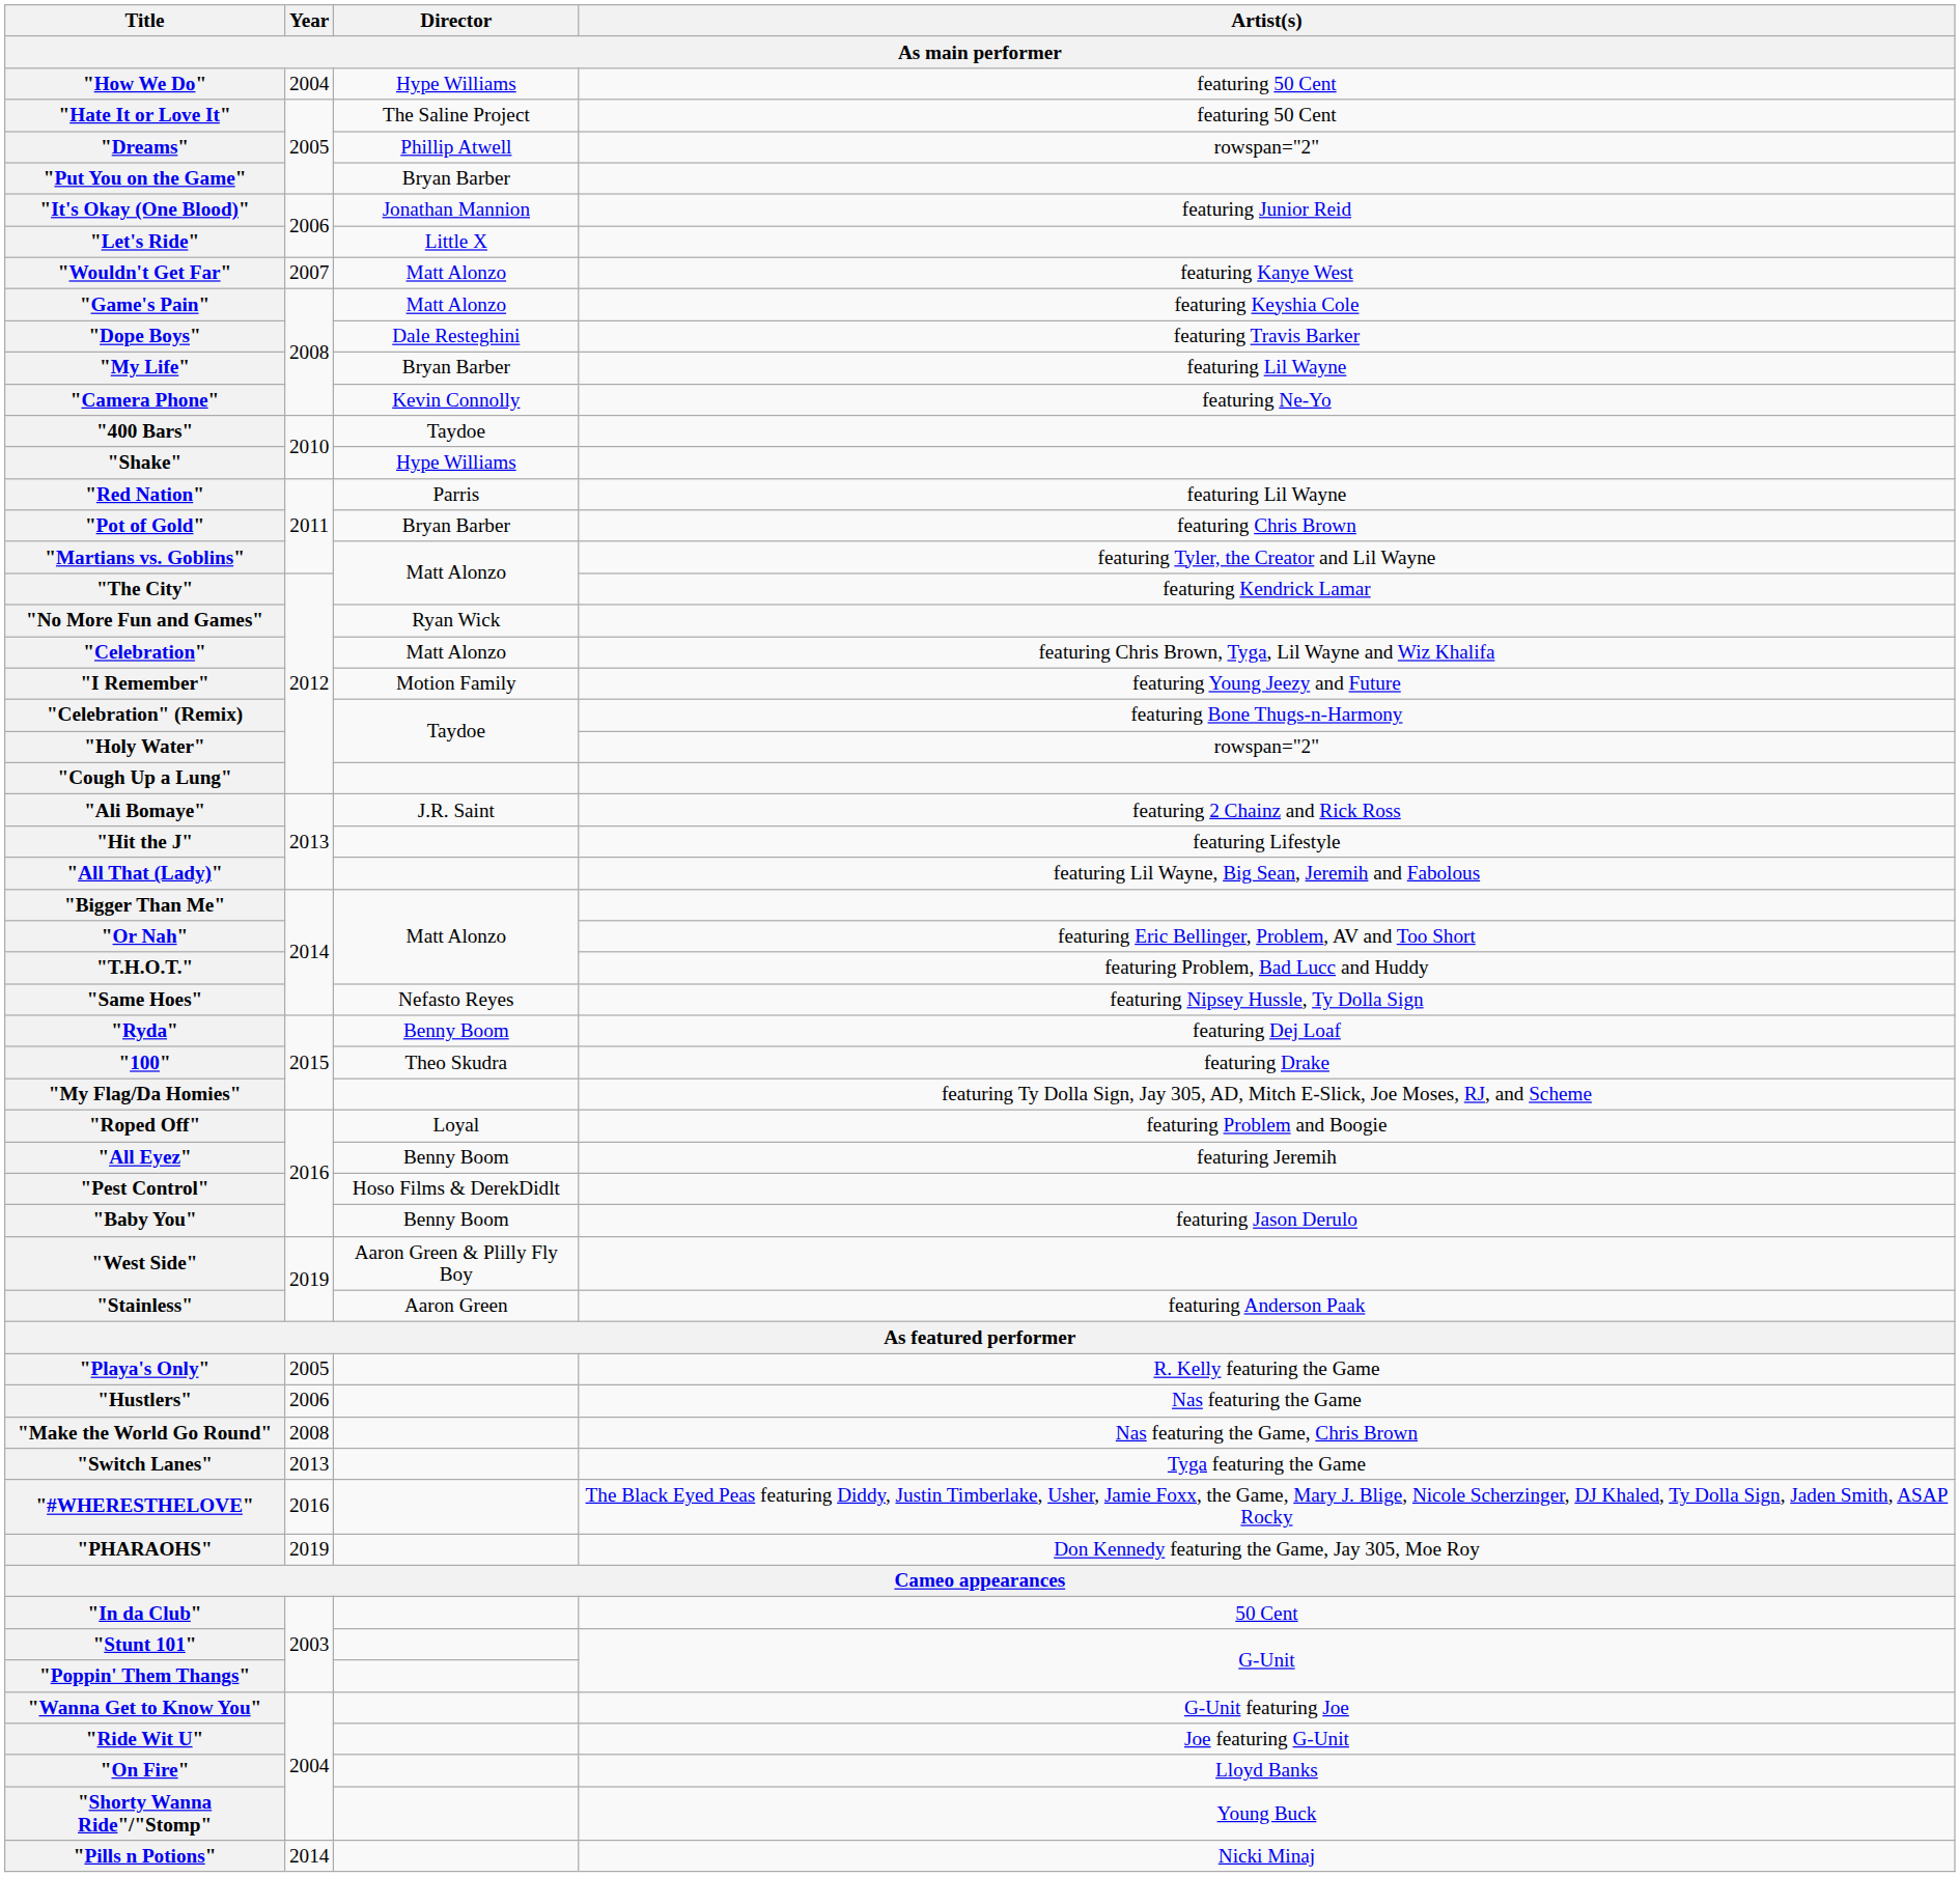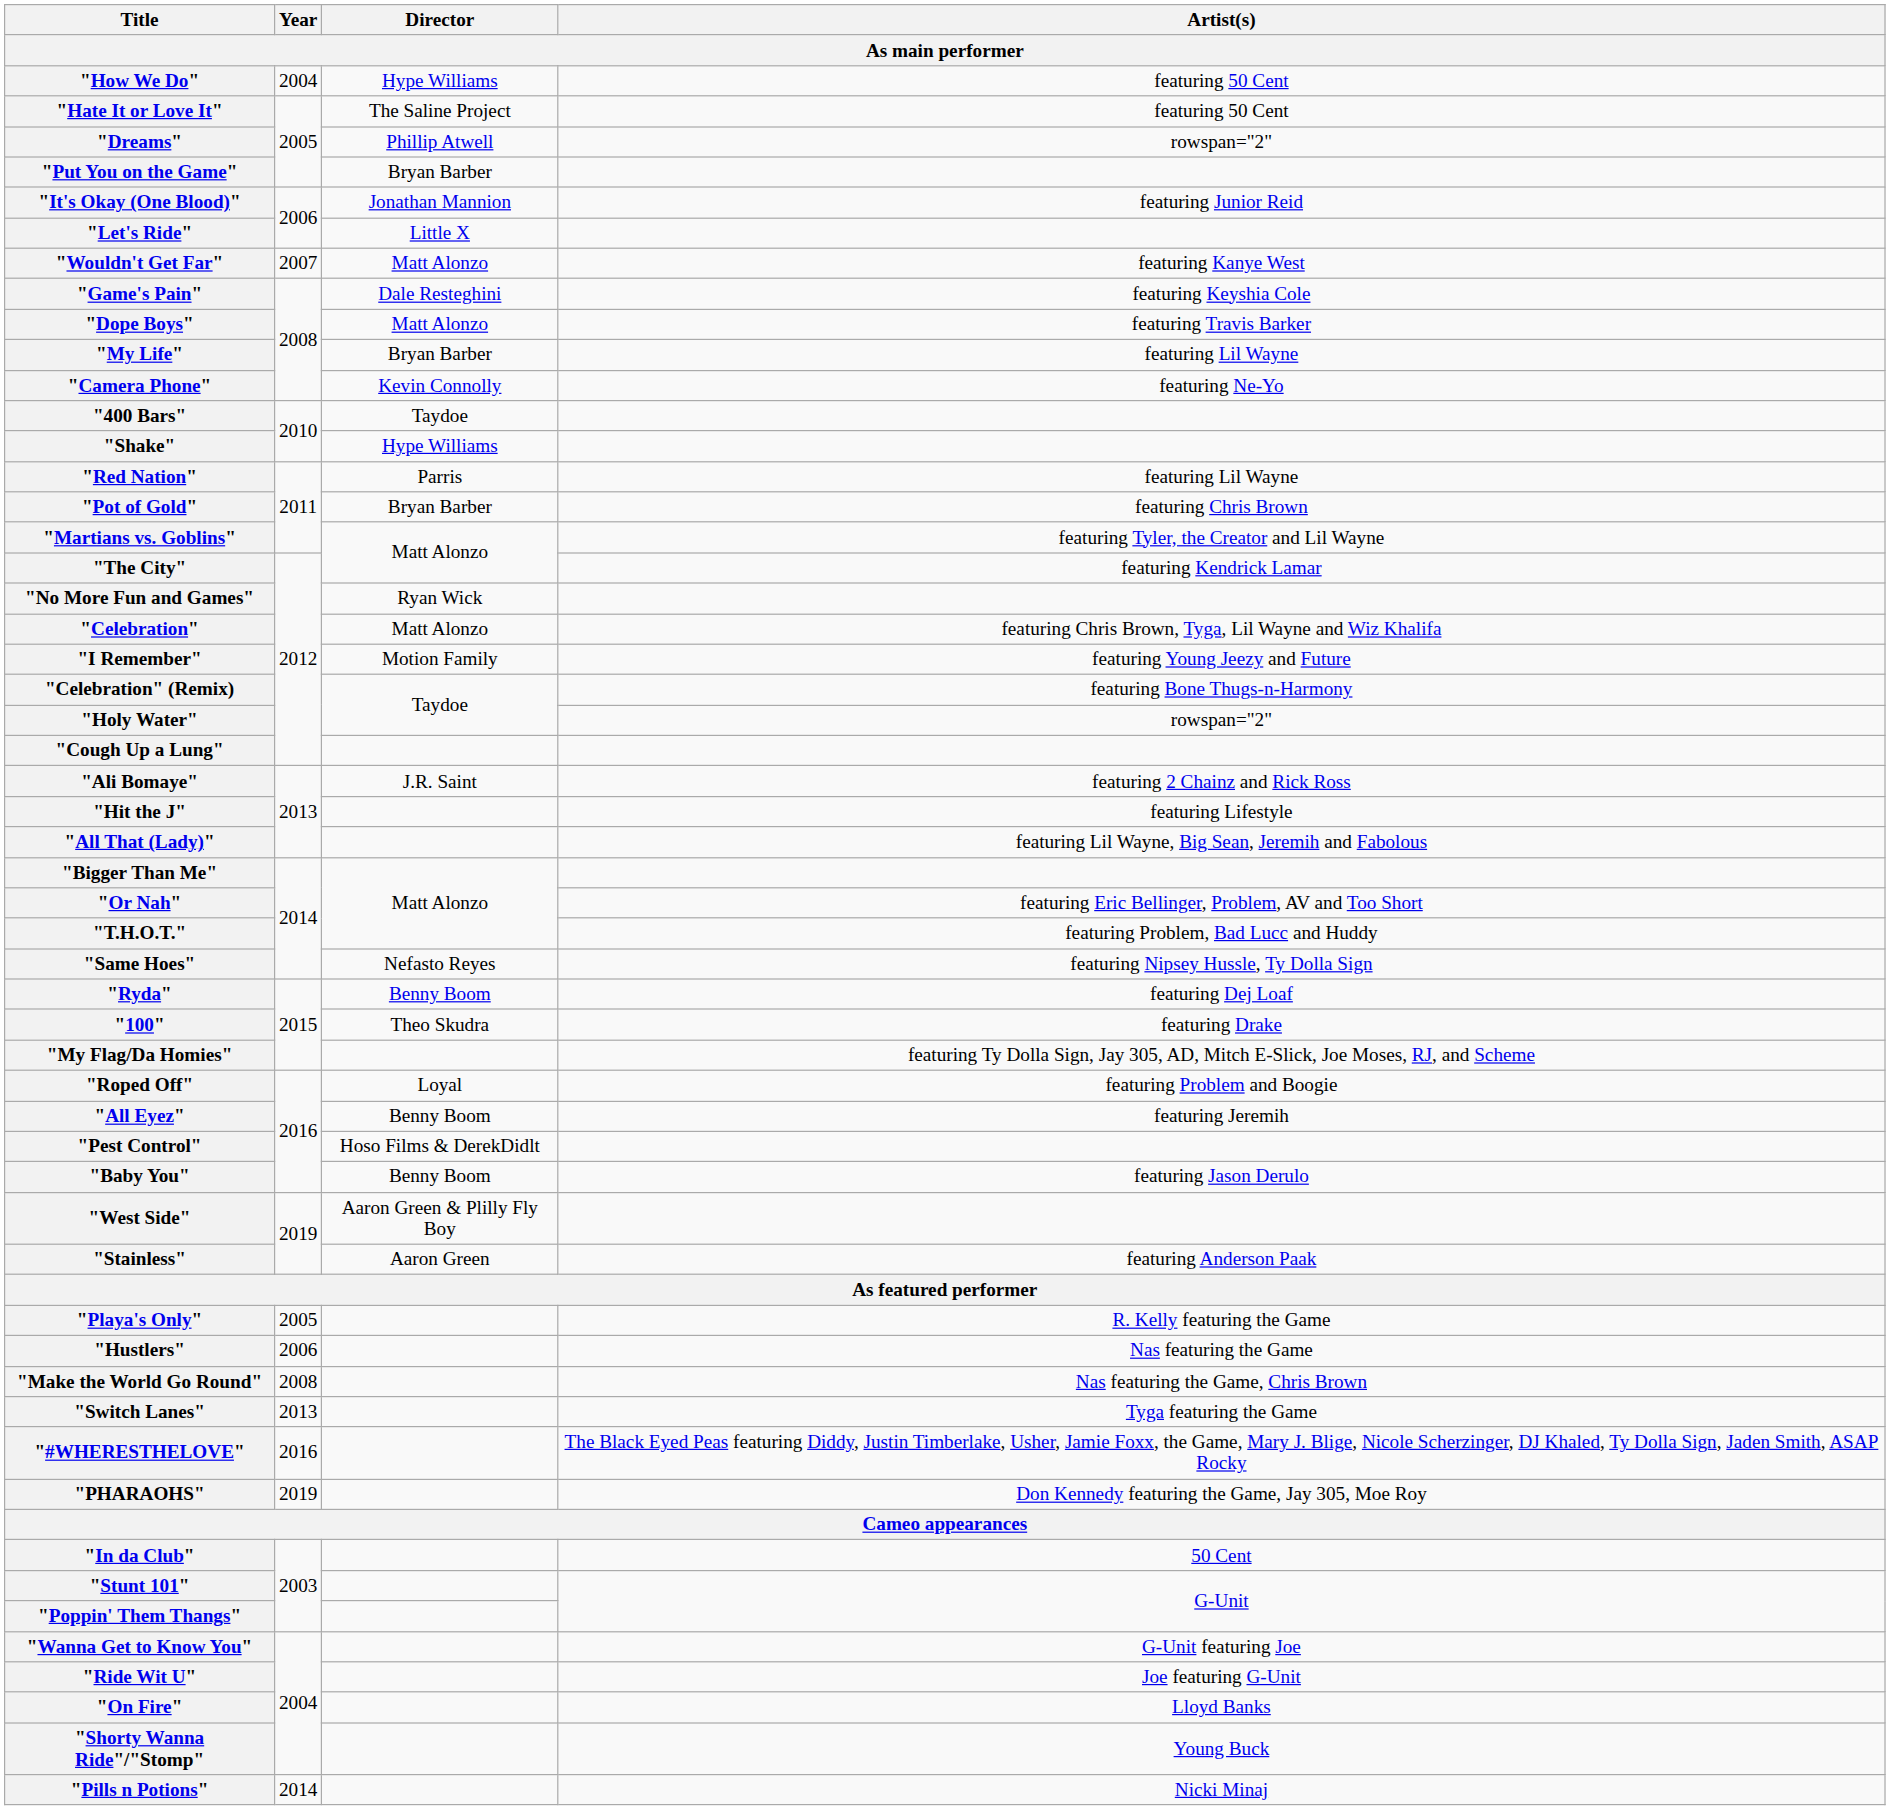 <table class="wikitable plainrowheaders" style="text-align:center;">
 <tr>
 <th>Title</th>
 <th>Year</th>
 <th>Director</th>
 <th>Artist(s)</th>
 </tr>
 <tr style="text-align:center;">
 <th colspan="4">As main performer</th>
 </tr>
 <tr>
 <th scope="row">"<a href='#'>How We Do</a>"</th>
 <td style="text-align:center;">2004</td>
 <td><a href='#'>Hype Williams</a></td>
 <td>featuring <a href='#'>50 Cent</a></td>
 </tr>
 <tr>
 <th scope="row">"<a href='#'>Hate It or Love It</a>"</th>
 <td rowspan="3" style="text-align:center;">2005</td>
 <td>The Saline Project</td>
 <td>featuring 50 Cent</td>
 </tr>
 <tr>
 <th scope="row">"<a href='#'>Dreams</a>"</th>
 <td><a href='#'>Phillip Atwell</a></td>
 <td>rowspan="2" </td>
 </tr>
 <tr>
 <th scope="row">"<a href='#'>Put You on the Game</a>"</th>
 <td>Bryan Barber</td>
 </tr>
 <tr>
 <th scope="row">"<a href='#'>It's Okay (One Blood)</a>"</th>
 <td rowspan="2" style="text-align:center;">2006</td>
 <td><a href='#'>Jonathan Mannion</a></td>
 <td>featuring <a href='#'>Junior Reid</a></td>
 </tr>
 <tr>
 <th scope="row">"<a href='#'>Let's Ride</a>"</th>
 <td><a href='#'>Little X</a></td>
 <td></td>
 </tr>
 <tr>
 <th scope="row">"<a href='#'>Wouldn't Get Far</a>"</th>
 <td style="text-align:center;">2007</td>
 <td><a href='#'>Matt Alonzo</a></td>
 <td>featuring <a href='#'>Kanye West</a></td>
 </tr>
 <tr>
 <th scope="row">"<a href='#'>Game's Pain</a>"</th>
 <td rowspan="4" style="text-align:center;">2008</td>
-<td><a href='#'>Matt Alonzo</a></td>
+<td><a href='#'>Dale Resteghini</a></td>
 <td>featuring <a href='#'>Keyshia Cole</a></td>
 </tr>
 <tr>
 <th scope="row">"<a href='#'>Dope Boys</a>"</th>
-<td><a href='#'>Dale Resteghini</a></td>
+<td><a href='#'>Matt Alonzo</a></td>
 <td>featuring <a href='#'>Travis Barker</a></td>
 </tr>
 <tr>
 <th scope="row">"<a href='#'>My Life</a>"</th>
 <td>Bryan Barber</td>
 <td>featuring <a href='#'>Lil Wayne</a></td>
 </tr>
 <tr>
 <th scope="row">"<a href='#'>Camera Phone</a>"</th>
 <td><a href='#'>Kevin Connolly</a></td>
 <td>featuring <a href='#'>Ne-Yo</a></td>
 </tr>
 <tr>
 <th scope="row">"400 Bars"</th>
 <td rowspan="2" style="text-align:center;">2010</td>
 <td>Taydoe</td>
 <td></td>
 </tr>
 <tr>
 <th scope="row">"Shake"</th>
 <td><a href='#'>Hype Williams</a></td>
 <td></td>
 </tr>
 <tr>
 <th scope="row">"<a href='#'>Red Nation</a>"</th>
 <td rowspan="3" style="text-align:center;">2011</td>
 <td>Parris</td>
 <td>featuring Lil Wayne</td>
 </tr>
 <tr>
 <th scope="row">"<a href='#'>Pot of Gold</a>"</th>
 <td>Bryan Barber</td>
 <td>featuring <a href='#'>Chris Brown</a></td>
 </tr>
 <tr>
 <th scope="row">"<a href='#'>Martians vs. Goblins</a>"</th>
 <td rowspan="2">Matt Alonzo</td>
 <td>featuring <a href='#'>Tyler, the Creator</a> and Lil Wayne</td>
 </tr>
 <tr>
 <th scope="row">"The City"</th>
 <td rowspan="7" style="text-align:center;">2012</td>
 <td>featuring <a href='#'>Kendrick Lamar</a></td>
 </tr>
 <tr>
 <th scope="row">"No More Fun and Games"</th>
 <td>Ryan Wick</td>
 <td></td>
 </tr>
 <tr>
 <th scope="row">"<a href='#'>Celebration</a>"</th>
 <td>Matt Alonzo</td>
 <td>featuring Chris Brown, <a href='#'>Tyga</a>, Lil Wayne and <a href='#'>Wiz Khalifa</a></td>
 </tr>
 <tr>
 <th scope="row">"I Remember"</th>
 <td>Motion Family</td>
 <td>featuring <a href='#'>Young Jeezy</a> and <a href='#'>Future</a></td>
 </tr>
 <tr>
 <th scope="row">"Celebration" (Remix)</th>
 <td rowspan="2">Taydoe</td>
 <td>featuring <a href='#'>Bone Thugs-n-Harmony</a></td>
 </tr>
 <tr>
 <th scope="row">"Holy Water"</th>
 <td>rowspan="2" </td>
 </tr>
 <tr>
 <th scope="row">"Cough Up a Lung"</th>
 <td></td>
 </tr>
 <tr>
 <th scope="row">"Ali Bomaye"</th>
 <td rowspan="3" style="text-align:center;">2013</td>
 <td>J.R. Saint</td>
 <td>featuring <a href='#'>2 Chainz</a> and <a href='#'>Rick Ross</a></td>
 </tr>
 <tr>
 <th scope="row">"Hit the J"</th>
 <td></td>
 <td>featuring Lifestyle</td>
 </tr>
 <tr>
 <th scope="row">"<a href='#'>All That (Lady)</a>"</th>
 <td></td>
 <td>featuring Lil Wayne, <a href='#'>Big Sean</a>, <a href='#'>Jeremih</a> and <a href='#'>Fabolous</a></td>
 </tr>
 <tr>
 <th scope="row">"Bigger Than Me"</th>
 <td rowspan="4" style="text-align:center;">2014</td>
 <td rowspan="3">Matt Alonzo</td>
 <td></td>
 </tr>
 <tr>
 <th scope="row">"<a href='#'>Or Nah</a>"</th>
 <td>featuring <a href='#'>Eric Bellinger</a>, <a href='#'>Problem</a>, AV and <a href='#'>Too Short</a></td>
 </tr>
 <tr>
 <th scope="row">"T.H.O.T."</th>
 <td>featuring Problem, <a href='#'>Bad Lucc</a> and Huddy</td>
 </tr>
 <tr>
 <th scope="row">"Same Hoes"</th>
 <td>Nefasto Reyes</td>
 <td>featuring <a href='#'>Nipsey Hussle</a>, <a href='#'>Ty Dolla Sign</a></td>
 </tr>
 <tr>
 <th scope="row">"<a href='#'>Ryda</a>"</th>
 <td rowspan="3" style="text-align:center;">2015</td>
 <td><a href='#'>Benny Boom</a></td>
 <td>featuring <a href='#'>Dej Loaf</a></td>
 </tr>
 <tr>
 <th scope="row">"<a href='#'>100</a>"</th>
 <td>Theo Skudra</td>
 <td>featuring <a href='#'>Drake</a></td>
 </tr>
 <tr>
 <th scope="row">"My Flag/Da Homies"</th>
 <td></td>
 <td>featuring Ty Dolla Sign, Jay 305, AD, Mitch E-Slick, Joe Moses, <a href='#'>RJ</a>, and <a href='#'>Scheme</a></td>
 </tr>
 <tr>
 <th scope="row">"Roped Off"</th>
 <td rowspan="4" style="text-align:center;">2016</td>
 <td>Loyal</td>
 <td>featuring <a href='#'>Problem</a> and Boogie</td>
 </tr>
 <tr>
 <th scope="row">"<a href='#'>All Eyez</a>"</th>
 <td>Benny Boom</td>
 <td>featuring Jeremih</td>
 </tr>
 <tr>
 <th scope="row">"Pest Control"</th>
 <td>Hoso Films & DerekDidlt</td>
 <td></td>
 </tr>
 <tr>
 <th scope="row">"Baby You"</th>
 <td>Benny Boom</td>
 <td>featuring <a href='#'>Jason Derulo</a></td>
 </tr>
 <tr>
 <th scope="row">"West Side"</th>
 <td rowspan="2" style="text-align:center;">2019</td>
 <td>Aaron Green & Plilly Fly Boy</td>
 <td></td>
 </tr>
 <tr>
 <th scope="row">"Stainless"</th>
 <td>Aaron Green</td>
 <td>featuring <a href='#'>Anderson Paak</a></td>
 </tr>
 <tr>
 <th colspan="5">As featured performer</th>
 </tr>
 <tr>
 <th scope="row">"<a href='#'>Playa's Only</a>"</th>
 <td style="text-align:center;">2005</td>
 <td></td>
 <td><a href='#'>R. Kelly</a> featuring the Game</td>
 </tr>
 <tr>
 <th scope="row">"Hustlers"</th>
 <td style="text-align:center;">2006</td>
 <td></td>
 <td><a href='#'>Nas</a> featuring the Game</td>
 </tr>
 <tr>
 <th scope="row">"Make the World Go Round"</th>
 <td style="text-align:center;">2008</td>
 <td></td>
 <td><a href='#'>Nas</a> featuring the Game, <a href='#'>Chris Brown</a></td>
 </tr>
 <tr>
 <th scope="row">"Switch Lanes"</th>
 <td style="text-align:center;">2013</td>
 <td></td>
 <td><a href='#'>Tyga</a> featuring the Game</td>
 </tr>
 <tr>
 <th scope="row">"<a href='#'>#WHERESTHELOVE</a>"</th>
 <td style="text-align:center;">2016</td>
 <td></td>
 <td><a href='#'>The Black Eyed Peas</a> featuring <a href='#'>Diddy</a>, <a href='#'>Justin Timberlake</a>, <a href='#'>Usher</a>, <a href='#'>Jamie Foxx</a>, the Game, <a href='#'>Mary J. Blige</a>, <a href='#'>Nicole Scherzinger</a>, <a href='#'>DJ Khaled</a>, <a href='#'>Ty Dolla Sign</a>, <a href='#'>Jaden Smith</a>, <a href='#'>ASAP Rocky</a></td>
 </tr>
 <tr>
 <th scope="row">"PHARAOHS"</th>
 <td style="text-align:center;">2019</td>
 <td></td>
 <td><a href='#'>Don Kennedy</a> featuring the Game, Jay 305, Moe Roy</td>
 </tr>
 <tr>
 <th colspan="4"><a href='#'>Cameo appearances</a></th>
 </tr>
 <tr>
 <th scope="row">"<a href='#'>In da Club</a>"</th>
 <td rowspan="3" style="text-align:center;">2003</td>
 <td></td>
 <td><a href='#'>50 Cent</a></td>
 </tr>
 <tr>
 <th scope="row">"<a href='#'>Stunt 101</a>"</th>
 <td></td>
 <td rowspan="2"><a href='#'>G-Unit</a></td>
 </tr>
 <tr>
 <th scope="row">"<a href='#'>Poppin' Them Thangs</a>"</th>
 <td></td>
 </tr>
 <tr>
 <th scope="row">"<a href='#'>Wanna Get to Know You</a>"</th>
 <td rowspan="4" style="text-align:center;">2004</td>
 <td></td>
 <td><a href='#'>G-Unit</a> featuring <a href='#'>Joe</a></td>
 </tr>
 <tr>
 <th scope="row">"<a href='#'>Ride Wit U</a>"</th>
 <td></td>
 <td><a href='#'>Joe</a> featuring <a href='#'>G-Unit</a></td>
 </tr>
 <tr>
 <th scope="row">"<a href='#'>On Fire</a>"</th>
 <td></td>
 <td><a href='#'>Lloyd Banks</a></td>
 </tr>
 <tr>
 <th scope="row">"<a href='#'>Shorty Wanna Ride</a>"/"Stomp"</th>
 <td></td>
 <td><a href='#'>Young Buck</a></td>
 </tr>
 <tr>
 <th scope="row">"<a href='#'>Pills n Potions</a>"</th>
 <td style="text-align:center;">2014</td>
 <td></td>
 <td><a href='#'>Nicki Minaj</a></td>
 </tr>
 </table>
